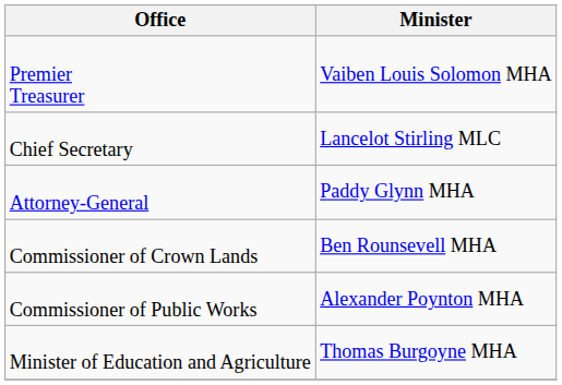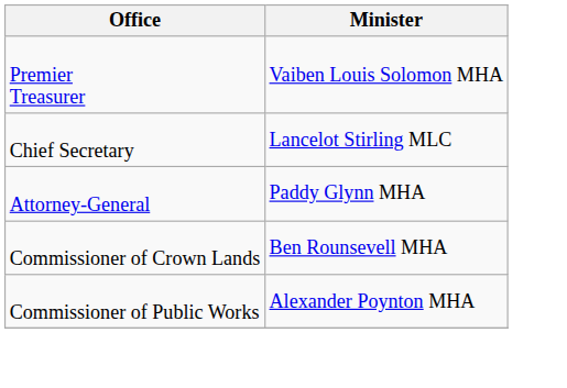 <table class="wikitable">
 <tr>
 <th>Office</th>
 <th>Minister</th>
 </tr>
 <tr>
 <td><br><a href='#'>Premier</a><br> <a href='#'>Treasurer</a></td>
 <td><a href='#'>Vaiben Louis Solomon</a> MHA</td>
 </tr>
 <tr>
 <td><br>Chief Secretary</td>
 <td><a href='#'>Lancelot Stirling</a> MLC</td>
 </tr>
 <tr>
 <td><br><a href='#'>Attorney-General</a></td>
 <td><a href='#'>Paddy Glynn</a> MHA</td>
 </tr>
 <tr>
 <td><br>Commissioner of Crown Lands<br></td>
 <td><a href='#'>Ben Rounsevell</a> MHA</td>
 </tr>
 <tr>
 <td><br>Commissioner of Public Works<br></td>
 <td><a href='#'>Alexander Poynton</a> MHA</td>
 </tr>
 <tr>
-<td><br>Minister of Education and Agriculture<br></td>
-<td><a href='#'>Thomas Burgoyne</a> MHA</td>
-</tr>
-<tr>
 </tr>
 </table>
